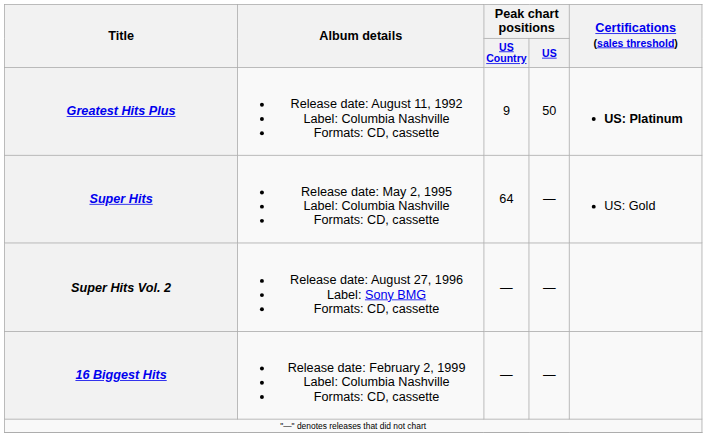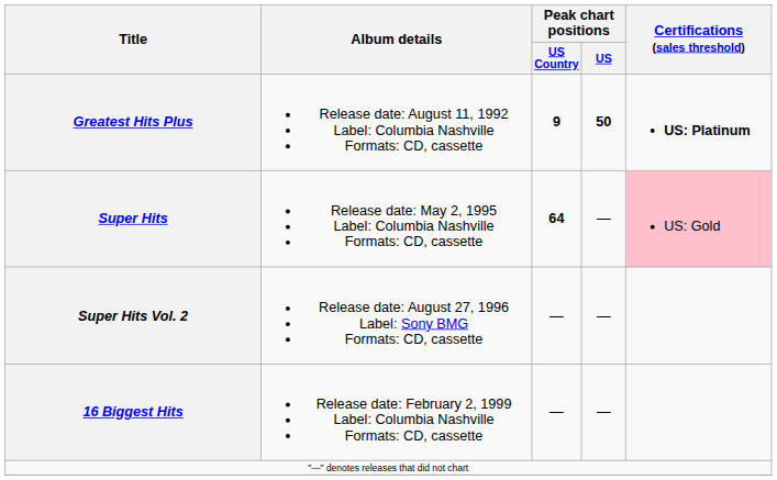 <table class="wikitable plainrowheaders" style="text-align:center;">
 <tr>
 <th rowspan="2" style="width:18em;">Title</th>
 <th rowspan="2" style="width:19em;">Album details</th>
 <th colspan="2">Peak chart<br>positions</th>
 <th rowspan="2" style="width:10em;"><a href='#'>Certifications</a><br><small>(<a href='#'>sales threshold</a>)</small></th>
 </tr>
 <tr style="font-size:smaller;">
 <th width="45"><a href='#'>US Country</a><br></th>
 <th width="45"><a href='#'>US</a><br></th>
 </tr>
 <tr>
 <th scope="row"><em><a href='#'>Greatest Hits Plus</a></em></th>
 <td><br><ul><li>Release date: August 11, 1992</li><li>Label: Columbia Nashville</li><li>Formats: CD, cassette</li></ul></td>
-<td>9</td>
-<td>50</td>
+<td><strong>9</strong></td>
+<td><strong>50</strong></td>
 <td align="left"><strong><br><ul><li>US: Platinum</li></ul></strong></td>
 </tr>
 <tr>
 <th scope="row"><em><a href='#'>Super Hits</a></em></th>
 <td><br><ul><li>Release date: May 2, 1995</li><li>Label: Columbia Nashville</li><li>Formats: CD, cassette</li></ul></td>
-<td>64</td>
+<td><strong>64</strong></td>
 <td>—</td>
-<td align="left"><br><ul><li>US: Gold</li></ul></td>
+<td align="left" style="background: pink;"><br><ul><li>US: Gold</li></ul></td>
 </tr>
 <tr>
 <th scope="row"><em>Super Hits Vol. 2</em></th>
 <td><br><ul><li>Release date: August 27, 1996</li><li>Label: <a href='#'>Sony BMG</a></li><li>Formats: CD, cassette</li></ul></td>
 <td>—</td>
 <td>—</td>
 <td></td>
 </tr>
 <tr>
 <th scope="row"><em><a href='#'>16 Biggest Hits</a></em></th>
 <td><br><ul><li>Release date: February 2, 1999</li><li>Label: Columbia Nashville</li><li>Formats: CD, cassette</li></ul></td>
 <td>—</td>
 <td>—</td>
 <td></td>
 </tr>
 <tr>
 <td colspan="10" style="font-size:8pt">"—" denotes releases that did not chart</td>
 </tr>
 <tr>
 </tr>
 </table>
